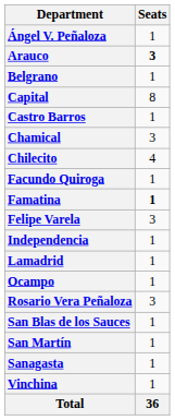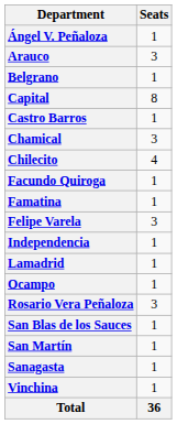 <table class="wikitable sortable" style="text-align:center;">
 <tr>
 <th>Department</th>
 <th>Seats</th>
 </tr>
 <tr>
 <th style="text-align:left;"><a href='#'>Ángel V. Peñaloza</a></th>
 <td>1</td>
 </tr>
 <tr>
 <th style="text-align:left;"><a href='#'>Arauco</a></th>
-<td><strong>3</strong></td>
+<td>3</td>
 </tr>
 <tr>
 <th style="text-align:left;"><a href='#'>Belgrano</a></th>
 <td>1</td>
 </tr>
 <tr>
 <th style="text-align:left;"><a href='#'>Capital</a></th>
 <td>8</td>
 </tr>
 <tr>
 <th style="text-align:left;"><a href='#'>Castro Barros</a></th>
 <td>1</td>
 </tr>
 <tr>
 <th style="text-align:left;"><a href='#'>Chamical</a></th>
 <td>3</td>
 </tr>
 <tr>
 <th style="text-align:left;"><a href='#'>Chilecito</a></th>
 <td>4</td>
 </tr>
 <tr>
 <th style="text-align:left;"><a href='#'>Facundo Quiroga</a></th>
 <td>1</td>
 </tr>
 <tr>
 <th style="text-align:left;"><a href='#'>Famatina</a></th>
-<td><strong>1</strong></td>
+<td>1</td>
 </tr>
 <tr>
 <th style="text-align:left;"><a href='#'>Felipe Varela</a></th>
 <td>3</td>
 </tr>
 <tr>
 <th style="text-align:left;"><a href='#'>Independencia</a></th>
 <td>1</td>
 </tr>
 <tr>
 <th style="text-align:left;"><a href='#'>Lamadrid</a></th>
 <td>1</td>
 </tr>
 <tr>
 <th style="text-align:left;"><a href='#'>Ocampo</a></th>
 <td>1</td>
 </tr>
 <tr>
 <th style="text-align:left;"><a href='#'>Rosario Vera Peñaloza</a></th>
 <td>3</td>
 </tr>
 <tr>
 <th style="text-align:left;"><a href='#'>San Blas de los Sauces</a></th>
 <td>1</td>
 </tr>
 <tr>
 <th style="text-align:left;"><a href='#'>San Martín</a></th>
 <td>1</td>
 </tr>
 <tr>
 <th style="text-align:left;"><a href='#'>Sanagasta</a></th>
 <td>1</td>
 </tr>
 <tr>
 <th style="text-align:left;"><a href='#'>Vinchina</a></th>
 <td>1</td>
 </tr>
 <tr>
 <th>Total</th>
 <th>36</th>
 </tr>
 </table>
